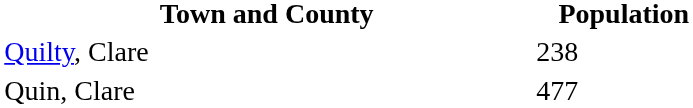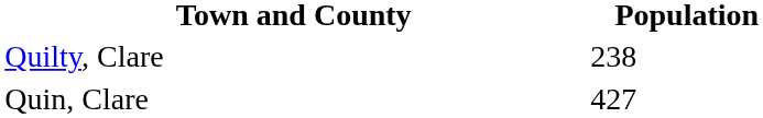 <table>
 <tr>
 <th style="width:300px;align:left;">Town and County</th>
 <th style="width:100px;align:right;">Population</th>
 </tr>
 <tr>
 <td><a href='#'>Quilty</a>, Clare</td>
 <td>238</td>
 </tr>
 <tr>
 <td>Quin, Clare</td>
-<td>477</td>
+<td>427</td>
 </tr>
 </table>
